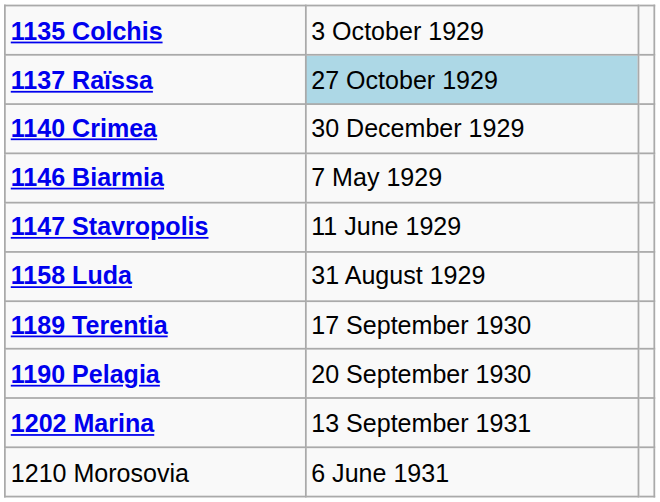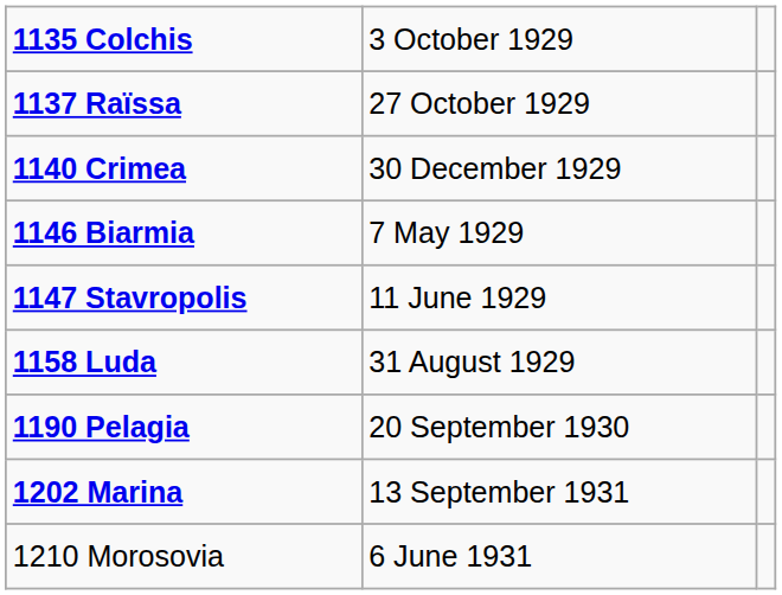 <table class="wikitable" style="font-size: 89%; float: left; width: 26em; margin-right: 1em; height: 280px;">
 <tr>
 <td><strong><a href='#'>1135 Colchis</a></strong></td>
 <td>3 October 1929</td>
 <td></td>
 </tr>
 <tr>
 <td><strong><a href='#'>1137 Raïssa</a></strong></td>
-<td style="background: lightblue;">27 October 1929</td>
+<td>27 October 1929</td>
 <td></td>
 </tr>
 <tr>
 <td><strong><a href='#'>1140 Crimea</a></strong></td>
 <td>30 December 1929</td>
 <td></td>
 </tr>
 <tr>
 <td><strong><a href='#'>1146 Biarmia</a></strong></td>
 <td>7 May 1929</td>
 <td></td>
 </tr>
 <tr>
 <td><strong><a href='#'>1147 Stavropolis</a></strong></td>
 <td>11 June 1929</td>
 <td></td>
 </tr>
 <tr>
 <td><strong><a href='#'>1158 Luda</a></strong></td>
 <td>31 August 1929</td>
 <td></td>
 </tr>
 <tr>
-<td><strong><a href='#'>1189 Terentia</a></strong></td>
-<td>17 September 1930</td>
-<td></td>
-</tr>
-<tr>
 <td><strong><a href='#'>1190 Pelagia</a></strong></td>
 <td>20 September 1930</td>
 <td></td>
 </tr>
 <tr>
 <td><strong><a href='#'>1202 Marina</a></strong></td>
 <td>13 September 1931</td>
 <td></td>
 </tr>
 <tr>
 <td>1210 Morosovia</td>
 <td>6 June 1931</td>
 <td></td>
 </tr>
 </table>
